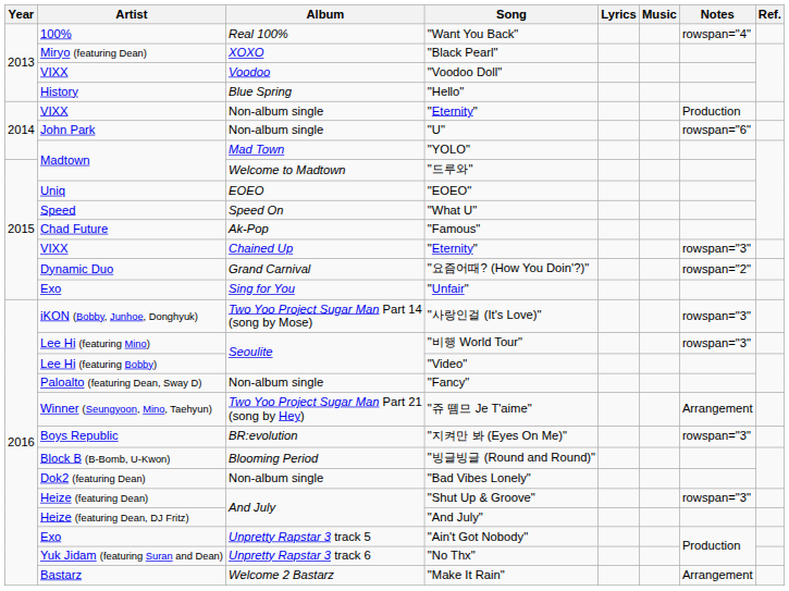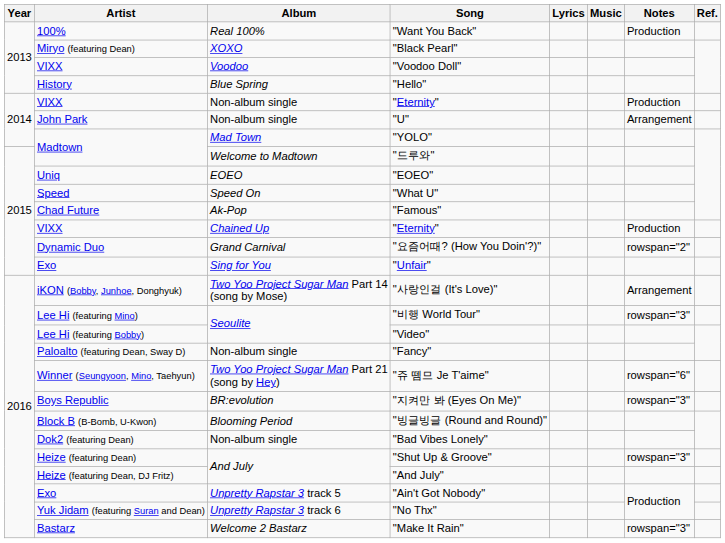 <table class="wikitable">
 <tr>
 <th>Year</th>
 <th>Artist</th>
 <th>Album</th>
 <th>Song</th>
 <th>Lyrics</th>
 <th>Music</th>
 <th>Notes</th>
 <th>Ref.</th>
 </tr>
 <tr>
 <td rowspan="4">2013</td>
 <td><a href='#'>100%</a></td>
 <td><em>Real 100%</em></td>
 <td>"Want You Back"</td>
 <td></td>
 <td></td>
-<td>rowspan="4" </td>
+<td>Production</td>
 <td></td>
 </tr>
 <tr>
 <td><a href='#'>Miryo</a> <small>(featuring Dean) </small></td>
 <td><em><a href='#'>XOXO</a></em></td>
 <td>"Black Pearl"</td>
 <td></td>
 <td></td>
 <td></td>
 </tr>
 <tr>
 <td><a href='#'>VIXX</a></td>
 <td><em><a href='#'>Voodoo</a></em></td>
 <td>"Voodoo Doll"</td>
 <td></td>
 <td></td>
 <td></td>
 </tr>
 <tr>
 <td><a href='#'>History</a></td>
 <td><em>Blue Spring</em></td>
 <td>"Hello"</td>
 <td></td>
 <td></td>
 <td></td>
 </tr>
 <tr>
 <td rowspan="3">2014</td>
 <td><a href='#'>VIXX</a></td>
 <td>Non-album single</td>
 <td>"<a href='#'>Eternity</a>"</td>
 <td></td>
 <td></td>
 <td>Production</td>
 <td></td>
 </tr>
 <tr>
 <td><a href='#'>John Park</a></td>
 <td>Non-album single</td>
 <td>"U"</td>
 <td></td>
 <td></td>
-<td>rowspan="6" </td>
+<td>Arrangement</td>
 <td></td>
 </tr>
 <tr>
 <td rowspan="2"><a href='#'>Madtown</a></td>
 <td><em><a href='#'>Mad Town</a></em></td>
 <td>"YOLO"</td>
 <td></td>
 <td></td>
 <td></td>
 </tr>
 <tr>
 <td rowspan="7">2015</td>
 <td><em>Welcome to Madtown</em></td>
 <td>"드루와"</td>
 <td></td>
 <td></td>
 <td></td>
 </tr>
 <tr>
 <td><a href='#'>Uniq</a></td>
 <td><em>EOEO</em></td>
 <td>"EOEO"</td>
 <td></td>
 <td></td>
 <td></td>
 </tr>
 <tr>
 <td><a href='#'>Speed</a></td>
 <td><em>Speed On</em></td>
 <td>"What U"</td>
 <td></td>
 <td></td>
 <td></td>
 </tr>
 <tr>
 <td><a href='#'>Chad Future</a></td>
 <td><em>Ak-Pop</em></td>
 <td>"Famous"</td>
 <td></td>
 <td></td>
 <td></td>
 </tr>
 <tr>
 <td><a href='#'>VIXX</a></td>
 <td><em><a href='#'>Chained Up</a></em></td>
 <td>"<a href='#'>Eternity</a>"</td>
 <td></td>
 <td></td>
-<td>rowspan="3" </td>
+<td>Production</td>
 <td></td>
 </tr>
 <tr>
 <td><a href='#'>Dynamic Duo</a></td>
 <td><em>Grand Carnival</em></td>
 <td>"요즘어때? (How You Doin'?)"</td>
 <td></td>
 <td></td>
 <td>rowspan="2" </td>
 <td></td>
 </tr>
 <tr>
 <td><a href='#'>Exo</a></td>
 <td><em><a href='#'>Sing for You</a></em></td>
 <td>"<a href='#'>Unfair</a>"</td>
 <td></td>
 <td></td>
 <td></td>
 </tr>
 <tr>
 <td rowspan="13">2016</td>
 <td><a href='#'>iKON</a> <small>(<a href='#'>Bobby</a>, <a href='#'>Junhoe</a>, Donghyuk)</small></td>
 <td><em><a href='#'>Two Yoo Project Sugar Man</a></em> Part 14<br>(song by Mose)</td>
 <td>"사랑인걸 (It's Love)"</td>
 <td></td>
 <td></td>
-<td>rowspan="3" </td>
+<td>Arrangement</td>
 <td></td>
 </tr>
 <tr>
 <td><a href='#'>Lee Hi</a> <small>(featuring <a href='#'>Mino</a>) </small></td>
 <td rowspan="2"><em><a href='#'>Seoulite</a></em></td>
 <td>"비행 World Tour"</td>
 <td></td>
 <td></td>
 <td>rowspan="3" </td>
 <td></td>
 </tr>
 <tr>
 <td><a href='#'>Lee Hi</a> <small>(featuring <a href='#'>Bobby</a>) </small></td>
 <td>"Video"</td>
 <td></td>
 <td></td>
 <td></td>
 </tr>
 <tr>
 <td><a href='#'>Paloalto</a> <small>(featuring Dean, Sway D) </small></td>
 <td>Non-album single</td>
 <td>"Fancy"</td>
 <td></td>
 <td></td>
 <td></td>
 </tr>
 <tr>
 <td><a href='#'>Winner</a> <small>(<a href='#'>Seungyoon</a>, <a href='#'>Mino</a>, Taehyun)</small></td>
 <td><em><a href='#'>Two Yoo Project Sugar Man</a></em> Part 21<br>(song by <a href='#'>Hey</a>)</td>
 <td>"쥬 뗌므 Je T'aime"</td>
 <td></td>
 <td></td>
-<td>Arrangement</td>
+<td>rowspan="6" </td>
 <td></td>
 </tr>
 <tr>
 <td><a href='#'>Boys Republic</a></td>
 <td><em>BR:evolution</em></td>
 <td>"지켜만 봐 (Eyes On Me)"</td>
 <td></td>
 <td></td>
 <td>rowspan="3" </td>
 <td></td>
 </tr>
 <tr>
 <td><a href='#'>Block B</a> <small>(B-Bomb, U-Kwon) </small></td>
 <td><em>Blooming Period</em></td>
 <td>"빙글빙글 (Round and Round)"</td>
 <td></td>
 <td></td>
 <td></td>
 </tr>
 <tr>
 <td><a href='#'>Dok2</a> <small>(featuring Dean) </small></td>
 <td>Non-album single</td>
 <td>"Bad Vibes Lonely"</td>
 <td></td>
 <td></td>
 <td></td>
 </tr>
 <tr>
 <td><a href='#'>Heize</a> <small>(featuring Dean) </small></td>
 <td rowspan="2"><em>And July</em></td>
 <td>"Shut Up & Groove"</td>
 <td></td>
 <td></td>
 <td>rowspan="3" </td>
 <td></td>
 </tr>
 <tr>
 <td><a href='#'>Heize</a> <small>(featuring Dean, DJ Fritz) </small></td>
 <td>"And July"</td>
 <td></td>
 <td></td>
 <td></td>
 <td></td>
 </tr>
 <tr>
 <td><a href='#'>Exo</a></td>
 <td><em><a href='#'>Unpretty Rapstar 3</a></em> track 5</td>
 <td>"Ain't Got Nobody"</td>
 <td></td>
 <td></td>
 <td rowspan="2">Production</td>
 <td></td>
 </tr>
 <tr>
 <td><a href='#'>Yuk Jidam</a> <small>(featuring <a href='#'>Suran</a> and Dean) </small></td>
 <td><em><a href='#'>Unpretty Rapstar 3</a></em> track 6</td>
 <td>"No Thx"</td>
 <td></td>
 <td></td>
 <td></td>
 </tr>
 <tr>
 <td><a href='#'>Bastarz</a></td>
 <td><em>Welcome 2 Bastarz</em></td>
 <td>"Make It Rain"</td>
 <td></td>
 <td></td>
-<td>Arrangement</td>
+<td>rowspan="3" </td>
 <td></td>
 </tr>
 </table>
